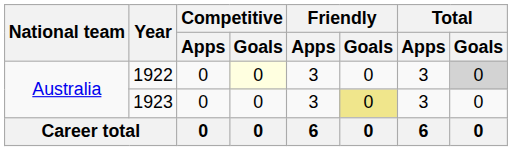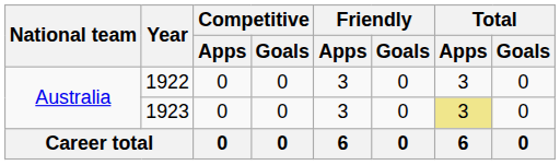 <table class="wikitable" style="text-align:center">
 <tr>
 <th rowspan="2">National team</th>
 <th rowspan="2">Year</th>
 <th colspan="2">Competitive</th>
 <th colspan="2">Friendly</th>
 <th colspan="2">Total</th>
 </tr>
 <tr>
 <th>Apps</th>
 <th>Goals</th>
 <th>Apps</th>
 <th>Goals</th>
 <th>Apps</th>
 <th>Goals</th>
 </tr>
 <tr>
 <td rowspan="2"><a href='#'>Australia</a></td>
 <td>1922</td>
 <td>0</td>
-<td style="background: lightyellow;">0</td>
+<td>0</td>
 <td>3</td>
 <td>0</td>
 <td>3</td>
-<td style="background: lightgrey;">0</td>
+<td>0</td>
 </tr>
 <tr>
 <td>1923</td>
 <td>0</td>
 <td>0</td>
 <td>3</td>
-<td style="background: khaki;">0</td>
-<td>3</td>
+<td>0</td>
+<td style="background: khaki;">3</td>
 <td>0</td>
 </tr>
 <tr>
 <th colspan=2>Career total</th>
 <th>0</th>
 <th>0</th>
 <th>6</th>
 <th>0</th>
 <th>6</th>
 <th>0</th>
 </tr>
 </table>
